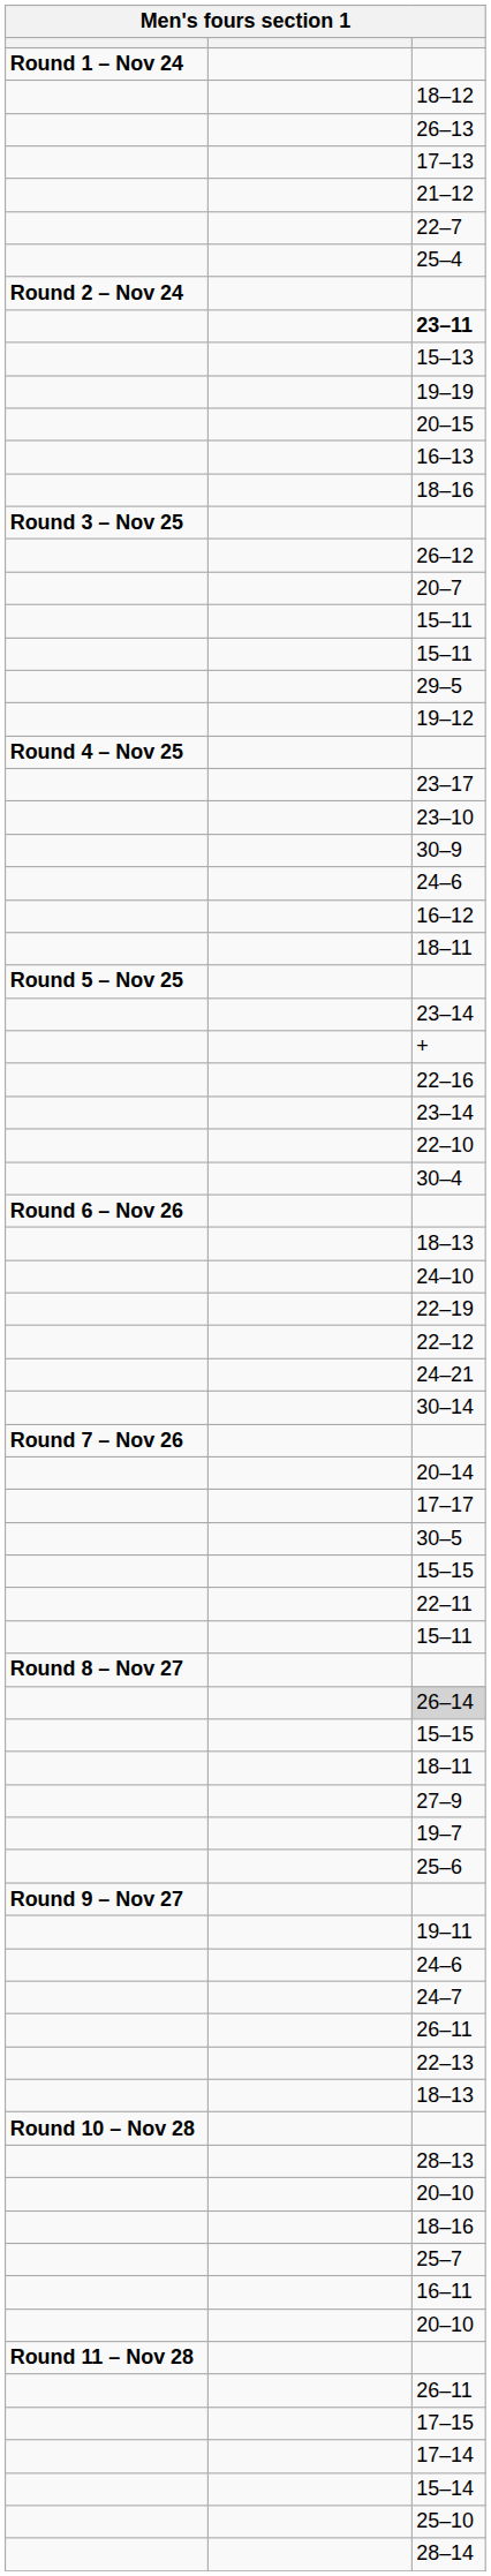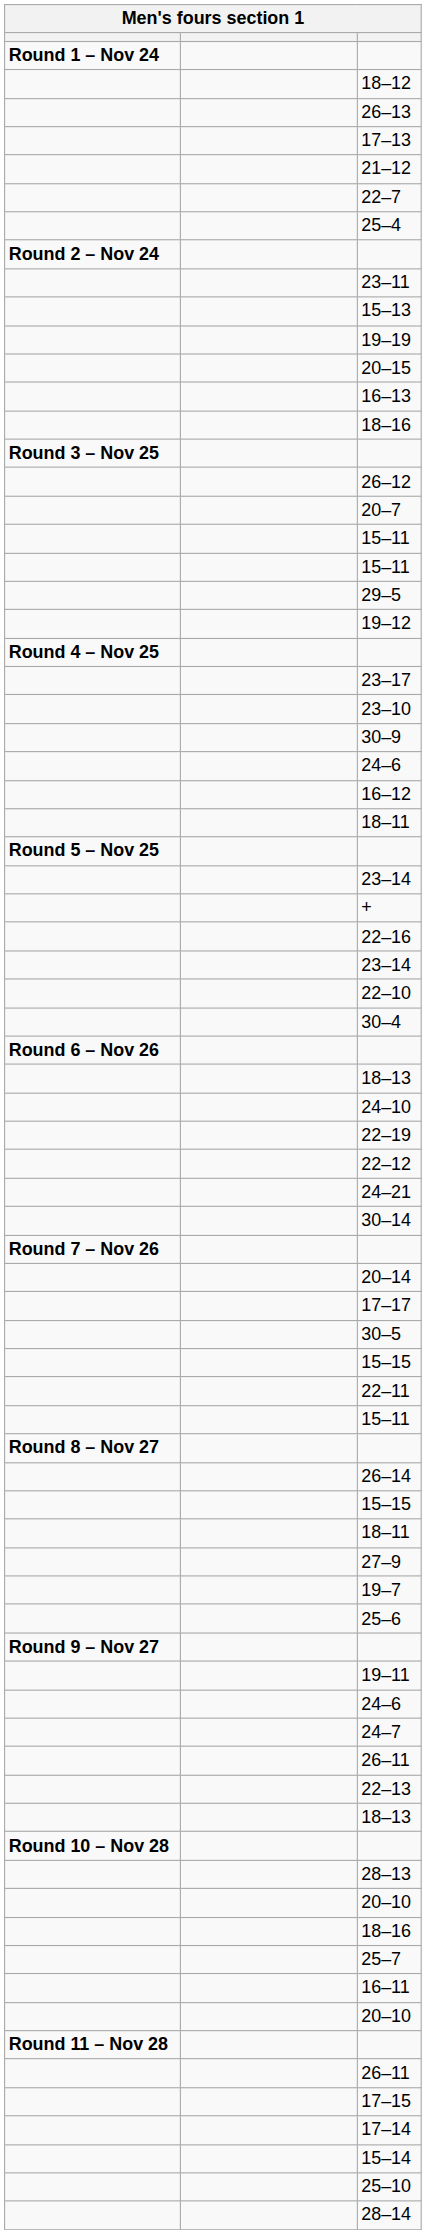 <table class="wikitable">
 <tr>
 <th colspan="3">Men's fours section 1</th>
 </tr>
 <tr>
 <th width=150></th>
 <th width=150></th>
 <th width=50></th>
 </tr>
 <tr>
 <td><strong>Round 1 – Nov 24</strong></td>
 <td></td>
 <td></td>
 </tr>
 <tr>
 <td></td>
 <td></td>
 <td>18–12</td>
 </tr>
 <tr>
 <td></td>
 <td></td>
 <td>26–13</td>
 </tr>
 <tr>
 <td></td>
 <td></td>
 <td>17–13</td>
 </tr>
 <tr>
 <td></td>
 <td></td>
 <td>21–12</td>
 </tr>
 <tr>
 <td></td>
 <td></td>
 <td>22–7</td>
 </tr>
 <tr>
 <td></td>
 <td></td>
 <td>25–4</td>
 </tr>
 <tr>
 <td><strong>Round 2 – Nov 24</strong></td>
 <td></td>
 <td></td>
 </tr>
 <tr>
 <td></td>
 <td></td>
-<td><strong>23–11</strong></td>
+<td>23–11</td>
 </tr>
 <tr>
 <td></td>
 <td></td>
 <td>15–13</td>
 </tr>
 <tr>
 <td></td>
 <td></td>
 <td>19–19</td>
 </tr>
 <tr>
 <td></td>
 <td></td>
 <td>20–15</td>
 </tr>
 <tr>
 <td></td>
 <td></td>
 <td>16–13</td>
 </tr>
 <tr>
 <td></td>
 <td></td>
 <td>18–16</td>
 </tr>
 <tr>
 <td><strong>Round 3 – Nov 25</strong></td>
 <td></td>
 <td></td>
 </tr>
 <tr>
 <td></td>
 <td></td>
 <td>26–12</td>
 </tr>
 <tr>
 <td></td>
 <td></td>
 <td>20–7</td>
 </tr>
 <tr>
 <td></td>
 <td></td>
 <td>15–11</td>
 </tr>
 <tr>
 <td></td>
 <td></td>
 <td>15–11</td>
 </tr>
 <tr>
 <td></td>
 <td></td>
 <td>29–5</td>
 </tr>
 <tr>
 <td></td>
 <td></td>
 <td>19–12</td>
 </tr>
 <tr>
 <td><strong>Round 4 – Nov 25</strong></td>
 <td></td>
 <td></td>
 </tr>
 <tr>
 <td></td>
 <td></td>
 <td>23–17</td>
 </tr>
 <tr>
 <td></td>
 <td></td>
 <td>23–10</td>
 </tr>
 <tr>
 <td></td>
 <td></td>
 <td>30–9</td>
 </tr>
 <tr>
 <td></td>
 <td></td>
 <td>24–6</td>
 </tr>
 <tr>
 <td></td>
 <td></td>
 <td>16–12</td>
 </tr>
 <tr>
 <td></td>
 <td></td>
 <td>18–11</td>
 </tr>
 <tr>
 <td><strong>Round 5 – Nov 25</strong></td>
 <td></td>
 <td></td>
 </tr>
 <tr>
 <td></td>
 <td></td>
 <td>23–14</td>
 </tr>
 <tr>
 <td></td>
 <td></td>
 <td>+</td>
 </tr>
 <tr>
 <td></td>
 <td></td>
 <td>22–16</td>
 </tr>
 <tr>
 <td></td>
 <td></td>
 <td>23–14</td>
 </tr>
 <tr>
 <td></td>
 <td></td>
 <td>22–10</td>
 </tr>
 <tr>
 <td></td>
 <td></td>
 <td>30–4</td>
 </tr>
 <tr>
 <td><strong>Round 6  – Nov 26 </strong></td>
 <td></td>
 <td></td>
 </tr>
 <tr>
 <td></td>
 <td></td>
 <td>18–13</td>
 </tr>
 <tr>
 <td></td>
 <td></td>
 <td>24–10</td>
 </tr>
 <tr>
 <td></td>
 <td></td>
 <td>22–19</td>
 </tr>
 <tr>
 <td></td>
 <td></td>
 <td>22–12</td>
 </tr>
 <tr>
 <td></td>
 <td></td>
 <td>24–21</td>
 </tr>
 <tr>
 <td></td>
 <td></td>
 <td>30–14</td>
 </tr>
 <tr>
 <td><strong>Round 7 – Nov 26 </strong></td>
 <td></td>
 <td></td>
 </tr>
 <tr>
 <td></td>
 <td></td>
 <td>20–14</td>
 </tr>
 <tr>
 <td></td>
 <td></td>
 <td>17–17</td>
 </tr>
 <tr>
 <td></td>
 <td></td>
 <td>30–5</td>
 </tr>
 <tr>
 <td></td>
 <td></td>
 <td>15–15</td>
 </tr>
 <tr>
 <td></td>
 <td></td>
 <td>22–11</td>
 </tr>
 <tr>
 <td></td>
 <td></td>
 <td>15–11</td>
 </tr>
 <tr>
 <td><strong>Round 8 – Nov 27</strong></td>
 <td></td>
 <td></td>
 </tr>
 <tr>
 <td></td>
 <td></td>
-<td style="background: lightgrey;">26–14</td>
+<td>26–14</td>
 </tr>
 <tr>
 <td></td>
 <td></td>
 <td>15–15</td>
 </tr>
 <tr>
 <td></td>
 <td></td>
 <td>18–11</td>
 </tr>
 <tr>
 <td></td>
 <td></td>
 <td>27–9</td>
 </tr>
 <tr>
 <td></td>
 <td></td>
 <td>19–7</td>
 </tr>
 <tr>
 <td></td>
 <td></td>
 <td>25–6</td>
 </tr>
 <tr>
 <td><strong>Round 9 – Nov 27</strong></td>
 <td></td>
 <td></td>
 </tr>
 <tr>
 <td></td>
 <td></td>
 <td>19–11</td>
 </tr>
 <tr>
 <td></td>
 <td></td>
 <td>24–6</td>
 </tr>
 <tr>
 <td></td>
 <td></td>
 <td>24–7</td>
 </tr>
 <tr>
 <td></td>
 <td></td>
 <td>26–11</td>
 </tr>
 <tr>
 <td></td>
 <td></td>
 <td>22–13</td>
 </tr>
 <tr>
 <td></td>
 <td></td>
 <td>18–13</td>
 </tr>
 <tr>
 <td><strong>Round 10 – Nov 28</strong></td>
 <td></td>
 <td></td>
 </tr>
 <tr>
 <td></td>
 <td></td>
 <td>28–13</td>
 </tr>
 <tr>
 <td></td>
 <td></td>
 <td>20–10</td>
 </tr>
 <tr>
 <td></td>
 <td></td>
 <td>18–16</td>
 </tr>
 <tr>
 <td></td>
 <td></td>
 <td>25–7</td>
 </tr>
 <tr>
 <td></td>
 <td></td>
 <td>16–11</td>
 </tr>
 <tr>
 <td></td>
 <td></td>
 <td>20–10</td>
 </tr>
 <tr>
 <td><strong>Round 11 – Nov 28</strong></td>
 <td></td>
 <td></td>
 </tr>
 <tr>
 <td></td>
 <td></td>
 <td>26–11</td>
 </tr>
 <tr>
 <td></td>
 <td></td>
 <td>17–15</td>
 </tr>
 <tr>
 <td></td>
 <td></td>
 <td>17–14</td>
 </tr>
 <tr>
 <td></td>
 <td></td>
 <td>15–14</td>
 </tr>
 <tr>
 <td></td>
 <td></td>
 <td>25–10</td>
 </tr>
 <tr>
 <td></td>
 <td></td>
 <td>28–14</td>
 </tr>
 <tr>
 </tr>
 </table>
